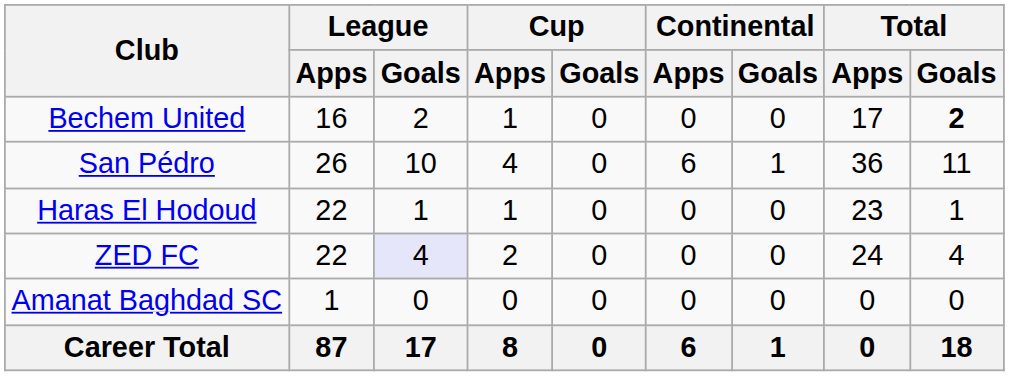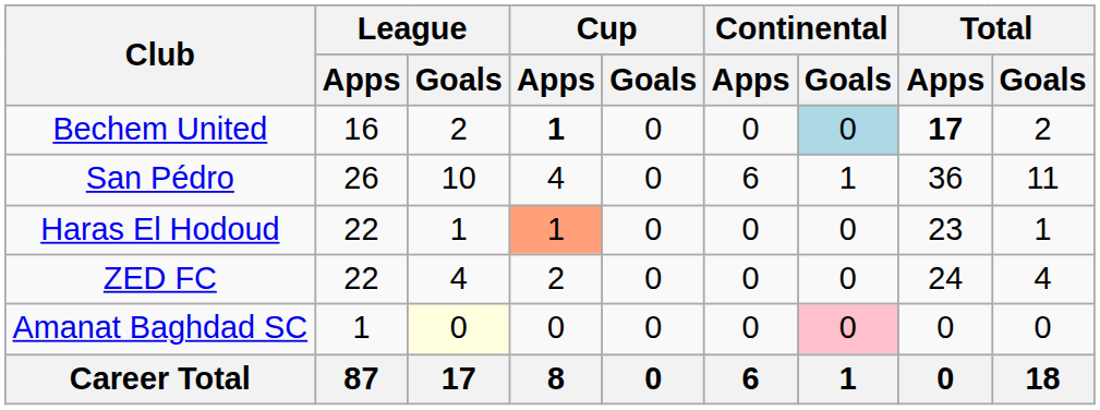 <table class="wikitable" style="text-align:center">
 <tr>
 <th rowspan="2">Club</th>
 <th colspan="2">League</th>
 <th colspan="2">Cup</th>
 <th colspan="2">Continental</th>
 <th colspan="2">Total</th>
 </tr>
 <tr>
 <th>Apps</th>
 <th>Goals</th>
 <th>Apps</th>
 <th>Goals</th>
 <th>Apps</th>
 <th>Goals</th>
 <th>Apps</th>
 <th>Goals</th>
 </tr>
 <tr>
 <td rowspan="1"><a href='#'>Bechem United</a></td>
 <td>16</td>
 <td>2</td>
-<td>1</td>
+<td><strong>1</strong></td>
 <td>0</td>
 <td>0</td>
-<td>0</td>
-<td>17</td>
-<td><strong>2</strong></td>
+<td style="background: lightblue;">0</td>
+<td><strong>17</strong></td>
+<td>2</td>
 </tr>
 <tr>
 <td rowspan="1"><a href='#'>San Pédro</a></td>
 <td>26</td>
 <td>10</td>
 <td>4</td>
 <td>0</td>
 <td>6</td>
 <td>1</td>
 <td>36</td>
 <td>11</td>
 </tr>
 <tr>
 <td rowspan="1"><a href='#'>Haras El Hodoud</a></td>
 <td>22</td>
 <td>1</td>
-<td>1</td>
+<td style="background: lightsalmon;">1</td>
 <td>0</td>
 <td>0</td>
 <td>0</td>
 <td>23</td>
 <td>1</td>
 </tr>
 <tr>
 <td rowspan="1"><a href='#'>ZED FC</a></td>
 <td>22</td>
-<td style="background: lavender;">4</td>
+<td>4</td>
 <td>2</td>
 <td>0</td>
 <td>0</td>
 <td>0</td>
 <td>24</td>
 <td>4</td>
 </tr>
 <tr>
 <td rowspan="1"><a href='#'>Amanat Baghdad SC</a></td>
 <td>1</td>
+<td style="background: lightyellow;">0</td>
 <td>0</td>
 <td>0</td>
 <td>0</td>
-<td>0</td>
-<td>0</td>
+<td style="background: pink;">0</td>
 <td>0</td>
 <td>0</td>
 </tr>
 <tr>
 <th>Career Total</th>
 <th>87</th>
 <th>17</th>
 <th>8</th>
 <th>0</th>
 <th>6</th>
 <th>1</th>
 <th>0</th>
 <th>18</th>
 </tr>
 </table>
